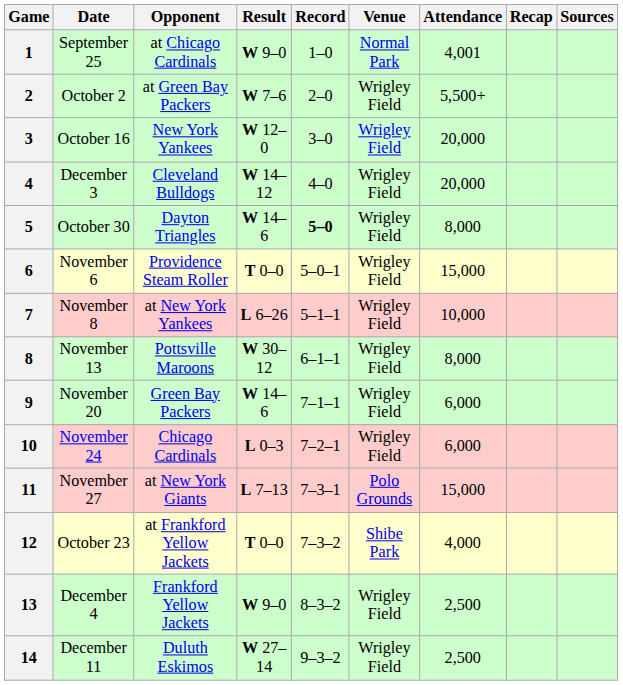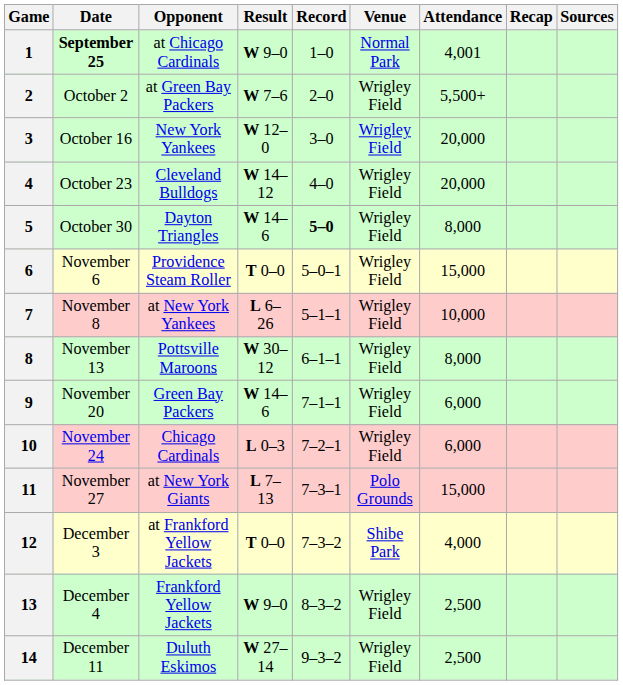 <table class="wikitable" style="text-align:center">
 <tr>
 <th>Game</th>
 <th>Date</th>
 <th>Opponent</th>
 <th>Result</th>
 <th>Record</th>
 <th>Venue</th>
 <th>Attendance</th>
 <th>Recap</th>
 <th>Sources</th>
 </tr>
 <tr style="background:#cfc">
 <th>1</th>
-<td>September 25</td>
+<td><strong>September 25</strong></td>
 <td>at <a href='#'>Chicago Cardinals</a></td>
 <td><strong>W</strong> 9–0</td>
 <td>1–0</td>
 <td><a href='#'>Normal Park</a></td>
 <td>4,001</td>
 <td></td>
 <td></td>
 </tr>
 <tr style="background:#cfc">
 <th>2</th>
 <td>October 2</td>
 <td>at <a href='#'>Green Bay Packers</a></td>
 <td><strong>W</strong> 7–6</td>
 <td>2–0</td>
 <td>Wrigley Field</td>
 <td style="text-align:center;">5,500+</td>
 <td></td>
 <td></td>
 </tr>
 <tr style="background:#cfc">
 <th>3</th>
 <td>October 16</td>
 <td><a href='#'>New York Yankees</a></td>
 <td><strong>W</strong> 12–0</td>
 <td>3–0</td>
 <td><a href='#'>Wrigley Field</a></td>
 <td>20,000</td>
 <td></td>
 <td></td>
 </tr>
 <tr style="background:#cfc">
 <th>4</th>
-<td>December 3</td>
+<td>October 23</td>
 <td><a href='#'>Cleveland Bulldogs</a></td>
 <td><strong>W</strong> 14–12</td>
 <td>4–0</td>
 <td>Wrigley Field</td>
 <td>20,000</td>
 <td></td>
 <td></td>
 </tr>
 <tr style="background:#cfc">
 <th>5</th>
 <td>October 30</td>
 <td><a href='#'>Dayton Triangles</a></td>
 <td><strong>W</strong> 14–6</td>
 <td><strong>5–0</strong></td>
 <td>Wrigley Field</td>
 <td>8,000</td>
 <td></td>
 <td></td>
 </tr>
 <tr style="background:#ffc">
 <th>6</th>
 <td>November 6</td>
 <td><a href='#'>Providence Steam Roller</a></td>
 <td><strong>T</strong> 0–0</td>
 <td>5–0–1</td>
 <td>Wrigley Field</td>
 <td>15,000</td>
 <td></td>
 <td></td>
 </tr>
 <tr style="background:#fcc">
 <th>7</th>
 <td>November 8</td>
 <td>at <a href='#'>New York Yankees</a></td>
 <td><strong>L</strong> 6–26</td>
 <td>5–1–1</td>
 <td>Wrigley Field</td>
 <td>10,000</td>
 <td></td>
 <td></td>
 </tr>
 <tr style="background:#cfc">
 <th>8</th>
 <td>November 13</td>
 <td><a href='#'>Pottsville Maroons</a></td>
 <td><strong>W</strong> 30–12</td>
 <td>6–1–1</td>
 <td>Wrigley Field</td>
 <td>8,000</td>
 <td></td>
 <td></td>
 </tr>
 <tr style="background:#cfc">
 <th>9</th>
 <td>November 20</td>
 <td><a href='#'>Green Bay Packers</a></td>
 <td><strong>W</strong> 14–6</td>
 <td>7–1–1</td>
 <td>Wrigley Field</td>
 <td>6,000</td>
 <td></td>
 <td></td>
 </tr>
 <tr style="background:#fcc">
 <th>10</th>
 <td><a href='#'>November 24</a></td>
 <td><a href='#'>Chicago Cardinals</a></td>
 <td><strong>L</strong> 0–3</td>
 <td>7–2–1</td>
 <td>Wrigley Field</td>
 <td>6,000</td>
 <td></td>
 <td></td>
 </tr>
 <tr style="background:#fcc">
 <th>11</th>
 <td>November 27</td>
 <td>at <a href='#'>New York Giants</a></td>
 <td><strong>L</strong> 7–13</td>
 <td>7–3–1</td>
 <td><a href='#'>Polo Grounds</a></td>
 <td>15,000</td>
 <td></td>
 <td></td>
 </tr>
 <tr style="background:#ffc">
 <th>12</th>
-<td>October 23</td>
+<td>December 3</td>
 <td>at <a href='#'>Frankford Yellow Jackets</a></td>
 <td><strong>T</strong> 0–0</td>
 <td>7–3–2</td>
 <td><a href='#'>Shibe Park</a></td>
 <td>4,000</td>
 <td></td>
 <td></td>
 </tr>
 <tr style="background:#cfc">
 <th>13</th>
 <td>December 4</td>
 <td><a href='#'>Frankford Yellow Jackets</a></td>
 <td><strong>W</strong> 9–0</td>
 <td>8–3–2</td>
 <td>Wrigley Field</td>
 <td>2,500</td>
 <td></td>
 <td></td>
 </tr>
 <tr style="background:#cfc">
 <th>14</th>
 <td>December 11</td>
 <td><a href='#'>Duluth Eskimos</a></td>
 <td><strong>W</strong> 27–14</td>
 <td>9–3–2</td>
 <td>Wrigley Field</td>
 <td>2,500</td>
 <td></td>
 <td></td>
 </tr>
 </table>
